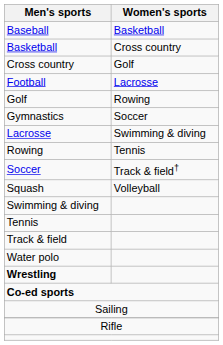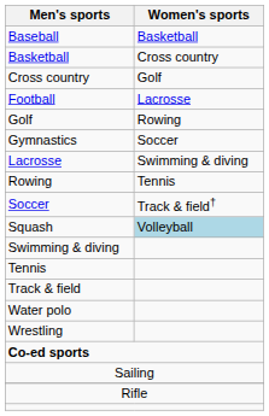 <table class="wikitable" style=" ">
 <tr>
 <th width=150px>Men's sports</th>
 <th width=150px>Women's sports</th>
 </tr>
 <tr>
 <td><a href='#'>Baseball</a></td>
 <td><a href='#'>Basketball</a></td>
 </tr>
 <tr>
 <td><a href='#'>Basketball</a></td>
 <td>Cross country</td>
 </tr>
 <tr>
 <td>Cross country</td>
 <td>Golf</td>
 </tr>
 <tr>
 <td><a href='#'>Football</a></td>
 <td><a href='#'>Lacrosse</a></td>
 </tr>
 <tr>
 <td>Golf</td>
 <td>Rowing</td>
 </tr>
 <tr>
 <td>Gymnastics</td>
 <td>Soccer</td>
 </tr>
 <tr>
 <td><a href='#'>Lacrosse</a></td>
 <td>Swimming & diving</td>
 </tr>
 <tr>
 <td>Rowing</td>
 <td>Tennis</td>
 </tr>
 <tr>
 <td><a href='#'>Soccer</a></td>
 <td>Track & field<sup>†</sup></td>
 </tr>
 <tr>
 <td>Squash</td>
-<td>Volleyball</td>
+<td style="background: lightblue;">Volleyball</td>
 </tr>
 <tr>
 <td>Swimming & diving</td>
 <td></td>
 </tr>
 <tr>
 <td>Tennis</td>
 <td></td>
 </tr>
 <tr>
 <td>Track & field</td>
 <td></td>
 </tr>
 <tr>
 <td>Water polo</td>
 <td></td>
 </tr>
 <tr>
-<td><strong>Wrestling</strong></td>
+<td>Wrestling</td>
 <td></td>
 </tr>
 <tr>
 <td colspan="2"><strong>Co-ed sports</strong></td>
 </tr>
 <tr style="text-align:center">
 <td colspan="2">Sailing</td>
 </tr>
 <tr>
 </tr>
 <tr style="text-align:center">
 <td colspan="2">Rifle</td>
 </tr>
 <tr>
 <td colspan="2"></td>
 </tr>
 </table>
